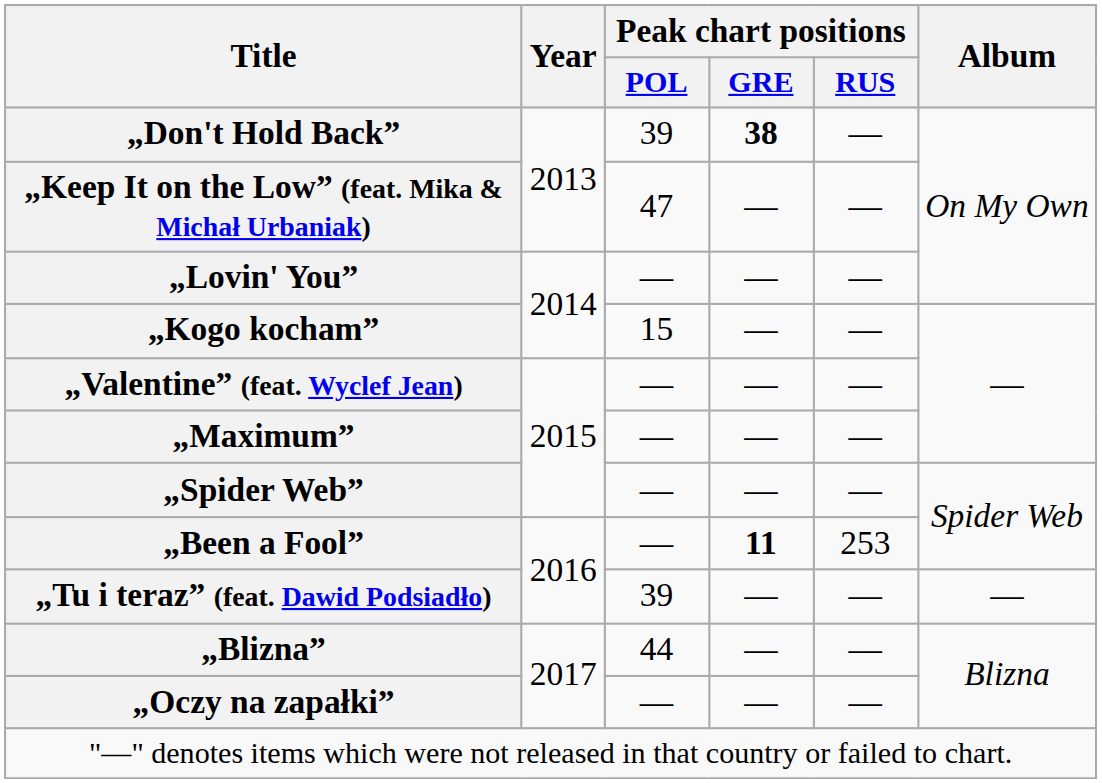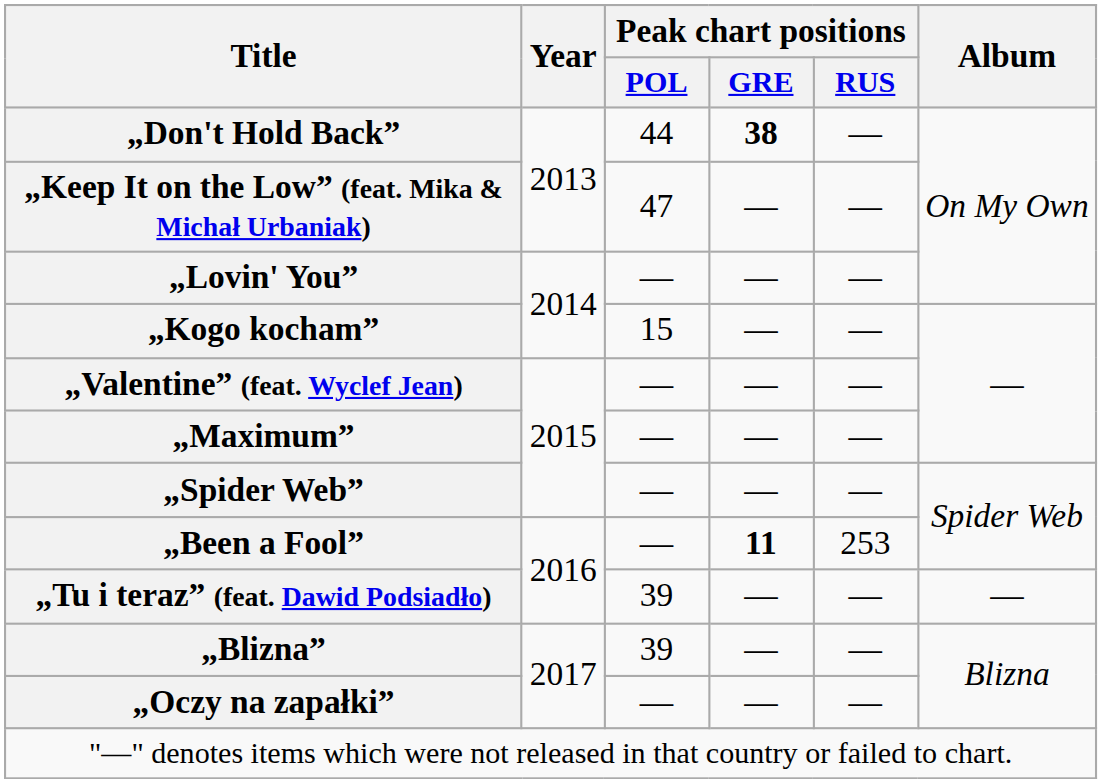 <table class="wikitable plainrowheaders" style="text-align:center; style:text-align:center">
 <tr>
 <th Rowspan="2" scope="col" style="width: 15em;">Title</th>
 <th rowspan="2" scope="col" style="width: 1em;">Year</th>
 <th colspan="3" scope="col">Peak chart positions</th>
 <th rowspan="2" scope="col">Album</th>
 </tr>
 <tr>
 <th Style="width: 3em; font-size: 90%;"><a href='#'>POL</a></th>
 <th style="width: 3em; font-size: 90%;"><a href='#'>GRE</a></th>
 <th style="width: 3em; font-size: 90%;"><a href='#'>RUS</a></th>
 </tr>
 <tr>
 <th Scope="row">„Don't Hold Back”</th>
 <td Rowspan="2">2013</td>
-<td>39</td>
+<td>44</td>
 <td><strong>38</strong></td>
 <td>—</td>
 <td Rowspan="3"><em>On My Own</em></td>
 </tr>
 <tr>
 <th Scope="row">„Keep It on the Low” <small>(feat. Mika & <a href='#'>Michał Urbaniak</a>)</small></th>
 <td>47</td>
 <td>—</td>
 <td>—</td>
 </tr>
 <tr>
 <th Scope="row">„Lovin' You”</th>
 <td Rowspan="2">2014</td>
 <td>—</td>
 <td>—</td>
 <td>—</td>
 </tr>
 <tr>
 <th Scope="row">„Kogo kocham”</th>
 <td>15</td>
 <td>—</td>
 <td>—</td>
 <td Rowspan="3">—</td>
 </tr>
 <tr>
 <th Scope="row">„Valentine” <small>(feat. <a href='#'>Wyclef Jean</a>)</small></th>
 <td Rowspan="3">2015</td>
 <td>—</td>
 <td>—</td>
 <td>—</td>
 </tr>
 <tr>
 <th Scope="row">„Maximum”</th>
 <td>—</td>
 <td>—</td>
 <td>—</td>
 </tr>
 <tr>
 <th Scope="row">„Spider Web”</th>
 <td>—</td>
 <td>—</td>
 <td>—</td>
 <td Rowspan="2"><em>Spider Web</em></td>
 </tr>
 <tr>
 <th Scope="row">„Been a Fool”</th>
 <td Rowspan="2">2016</td>
 <td>—</td>
 <td><strong>11</strong></td>
 <td>253</td>
 </tr>
 <tr>
 <th Scope="row">„Tu i teraz” <small>(feat. <a href='#'>Dawid Podsiadło</a>)</small></th>
 <td>39</td>
 <td>—</td>
 <td>—</td>
 <td>—</td>
 </tr>
 <tr>
 <th Scope="row">„Blizna”</th>
 <td Rowspan="2">2017</td>
-<td>44</td>
+<td>39</td>
 <td>—</td>
 <td>—</td>
 <td Rowspan="2"><em>Blizna</em></td>
 </tr>
 <tr>
 <th Scope="row">„Oczy na zapałki”</th>
 <td>—</td>
 <td>—</td>
 <td>—</td>
 </tr>
 <tr>
 <td Colspan="6" style="font-size: 90%;">"—" denotes items which were not released in that country or failed to chart.</td>
 </tr>
 </table>
